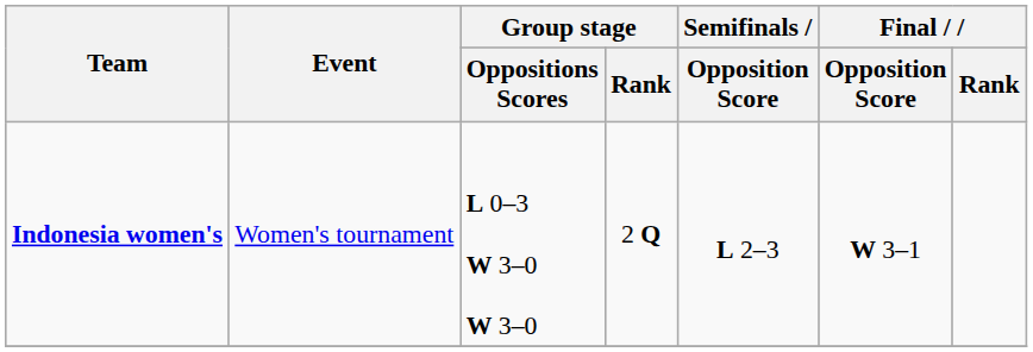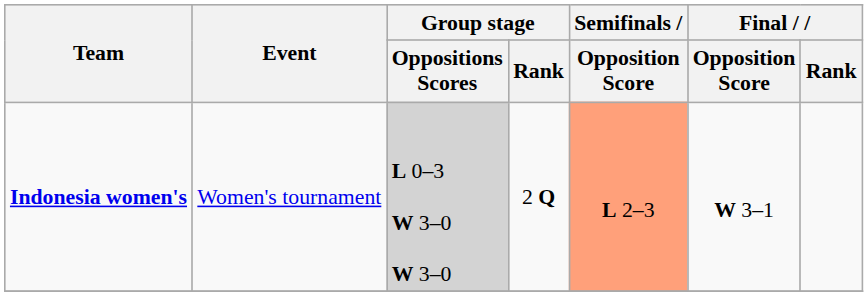 <table class=wikitable style="font-size:85%; text-align:center;">
 <tr>
 <th rowspan=2>Team</th>
 <th rowspan=2>Event</th>
 <th colspan=2>Group stage</th>
 <th>Semifinals / </th>
 <th colspan=2>Final /  / </th>
 </tr>
 <tr>
 <th>Oppositions<br>Scores</th>
 <th>Rank</th>
 <th>Opposition<br>Score</th>
 <th>Opposition<br>Score</th>
 <th>Rank</th>
 </tr>
 <tr>
 <td align=left><strong><a href='#'>Indonesia women's</a></strong></td>
 <td align=left><a href='#'>Women's tournament</a></td>
-<td align=left><br> <br><strong>L</strong> 0–3  <br>  <br><strong>W</strong> 3–0  <br> <br><strong>W</strong> 3–0  <br></td>
+<td align=left style="background: lightgrey;"><br> <br><strong>L</strong> 0–3  <br>  <br><strong>W</strong> 3–0  <br> <br><strong>W</strong> 3–0  <br></td>
 <td>2 <strong>Q</strong></td>
-<td><br><strong>L</strong> 2–3</td>
+<td style="background: lightsalmon;"><br><strong>L</strong> 2–3</td>
 <td><br><strong>W</strong> 3–1</td>
 <td></td>
 </tr>
 <tr>
 </tr>
 </table>
